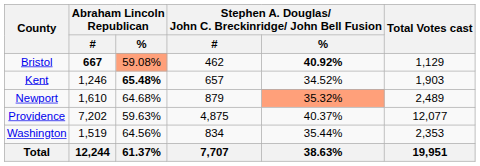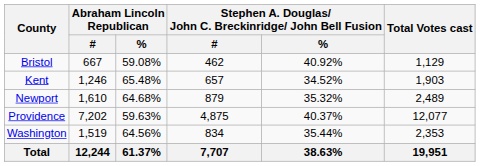 <table class="wikitable sortable">
 <tr>
 <th rowspan="2">County</th>
 <th colspan="2">Abraham Lincoln<br>Republican</th>
 <th colspan="2">Stephen A. Douglas/<br>John C. Breckinridge/ John Bell Fusion</th>
 <th rowspan="2">Total Votes cast</th>
 </tr>
 <tr style="text-align:center;">
 <th>#</th>
 <th>%</th>
 <th>#</th>
 <th>%</th>
 </tr>
 <tr style="text-align:center;">
 <td><a href='#'>Bristol</a></td>
-<td><strong>667</strong></td>
-<td style="background: lightsalmon;">59.08%</td>
+<td>667</td>
+<td>59.08%</td>
 <td>462</td>
-<td><strong>40.92%</strong></td>
+<td>40.92%</td>
 <td>1,129</td>
 </tr>
 <tr style="text-align:center;">
 <td><a href='#'>Kent</a></td>
 <td>1,246</td>
-<td><strong>65.48%</strong></td>
+<td>65.48%</td>
 <td>657</td>
 <td>34.52%</td>
 <td>1,903</td>
 </tr>
 <tr style="text-align:center;">
 <td><a href='#'>Newport</a></td>
 <td>1,610</td>
 <td>64.68%</td>
 <td>879</td>
-<td style="background: lightsalmon;">35.32%</td>
+<td>35.32%</td>
 <td>2,489</td>
 </tr>
 <tr style="text-align:center;">
 <td><a href='#'>Providence</a></td>
 <td>7,202</td>
 <td>59.63%</td>
 <td>4,875</td>
 <td>40.37%</td>
 <td>12,077</td>
 </tr>
 <tr style="text-align:center;">
 <td><a href='#'>Washington</a></td>
 <td>1,519</td>
 <td>64.56%</td>
 <td>834</td>
 <td>35.44%</td>
 <td>2,353</td>
 </tr>
 <tr style="text-align:center;">
 <th>Total</th>
 <th>12,244</th>
 <th>61.37%</th>
 <th>7,707</th>
 <th>38.63%</th>
 <th>19,951</th>
 </tr>
 </table>
